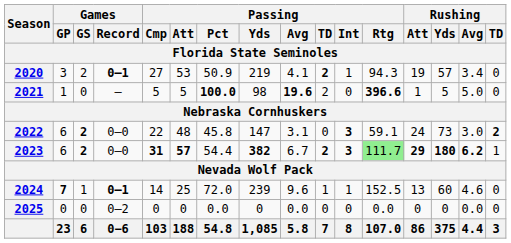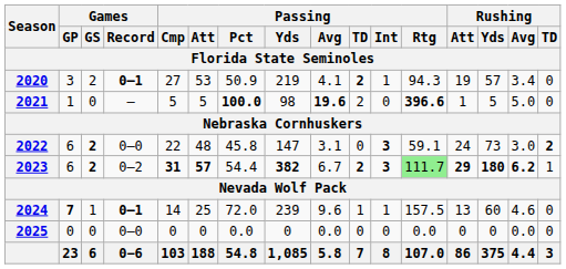 <table class="wikitable" style="text-align:center;">
 <tr>
 <th rowspan="2">Season</th>
 <th colspan="3">Games</th>
 <th colspan="8">Passing</th>
 <th colspan="4">Rushing</th>
 </tr>
 <tr>
 <th>GP</th>
 <th>GS</th>
 <th>Record</th>
 <th>Cmp</th>
 <th>Att</th>
 <th>Pct</th>
 <th>Yds</th>
 <th>Avg</th>
 <th>TD</th>
 <th>Int</th>
 <th>Rtg</th>
 <th>Att</th>
 <th>Yds</th>
 <th>Avg</th>
 <th>TD</th>
 </tr>
 <tr>
 <th colspan="16">Florida State Seminoles</th>
 </tr>
 <tr>
 <th><a href='#'>2020</a></th>
 <td>3</td>
 <td>2</td>
 <td><strong>0–1</strong></td>
 <td>27</td>
 <td>53</td>
 <td>50.9</td>
 <td>219</td>
 <td>4.1</td>
 <td><strong>2</strong></td>
 <td>1</td>
 <td>94.3</td>
 <td>19</td>
 <td>57</td>
 <td>3.4</td>
 <td>0</td>
 </tr>
 <tr>
 <th><a href='#'>2021</a></th>
 <td>1</td>
 <td>0</td>
 <td>—</td>
 <td>5</td>
 <td>5</td>
 <td><strong>100.0</strong></td>
 <td>98</td>
 <td><strong>19.6</strong></td>
 <td>2</td>
 <td>0</td>
 <td><strong>396.6</strong></td>
 <td>1</td>
 <td>5</td>
 <td>5.0</td>
 <td>0</td>
 </tr>
 <tr>
 <th colspan="16">Nebraska Cornhuskers</th>
 </tr>
 <tr>
 <th><a href='#'>2022</a></th>
 <td>6</td>
 <td><strong>2</strong></td>
 <td>0–0</td>
 <td>22</td>
 <td>48</td>
 <td>45.8</td>
 <td>147</td>
 <td>3.1</td>
 <td>0</td>
 <td><strong>3</strong></td>
 <td>59.1</td>
 <td>24</td>
 <td>73</td>
 <td>3.0</td>
 <td><strong>2</strong></td>
 </tr>
 <tr>
 <th><a href='#'>2023</a></th>
 <td>6</td>
 <td><strong>2</strong></td>
-<td>0–0</td>
+<td>0–2</td>
 <td><strong>31</strong></td>
 <td><strong>57</strong></td>
 <td>54.4</td>
 <td><strong>382</strong></td>
 <td>6.7</td>
 <td><strong>2</strong></td>
 <td><strong>3</strong></td>
 <td style="background: lightgreen;">111.7</td>
 <td><strong>29</strong></td>
 <td><strong>180</strong></td>
 <td><strong>6.2</strong></td>
 <td>1</td>
 </tr>
 <tr>
 <th colspan="16">Nevada Wolf Pack</th>
 </tr>
 <tr>
 <th><a href='#'>2024</a></th>
 <td><strong>7</strong></td>
 <td>1</td>
 <td><strong>0–1</strong></td>
 <td>14</td>
 <td>25</td>
 <td>72.0</td>
 <td>239</td>
 <td>9.6</td>
 <td>1</td>
 <td>1</td>
-<td>152.5</td>
+<td>157.5</td>
 <td>13</td>
 <td>60</td>
 <td>4.6</td>
 <td>0</td>
 </tr>
 <tr>
 <th><a href='#'>2025</a></th>
 <td>0</td>
 <td>0</td>
-<td>0–2</td>
+<td>0–0</td>
 <td>0</td>
 <td>0</td>
 <td>0.0</td>
 <td>0</td>
 <td>0.0</td>
 <td>0</td>
 <td>0</td>
 <td>0.0</td>
 <td>0</td>
 <td>0</td>
 <td>0.0</td>
 <td>0</td>
 </tr>
 <tr>
 <th></th>
 <th>23</th>
 <th>6</th>
 <th>0−6</th>
 <th>103</th>
 <th>188</th>
 <th>54.8</th>
 <th>1,085</th>
 <th>5.8</th>
 <th>7</th>
 <th>8</th>
 <th>107.0</th>
 <th>86</th>
 <th>375</th>
 <th>4.4</th>
 <th>3</th>
 </tr>
 </table>
